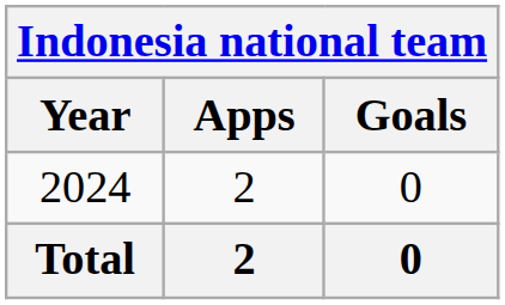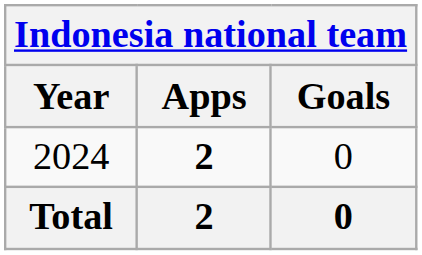 <table class="wikitable" style="text-align:center">
 <tr>
 <th colspan=3><a href='#'>Indonesia national team</a></th>
 </tr>
 <tr>
 <th>Year</th>
 <th>Apps</th>
 <th>Goals</th>
 </tr>
 <tr>
 <td>2024</td>
-<td>2</td>
+<td><strong>2</strong></td>
 <td>0</td>
 </tr>
 <tr>
 <th>Total</th>
 <th>2</th>
 <th>0</th>
 </tr>
 </table>
